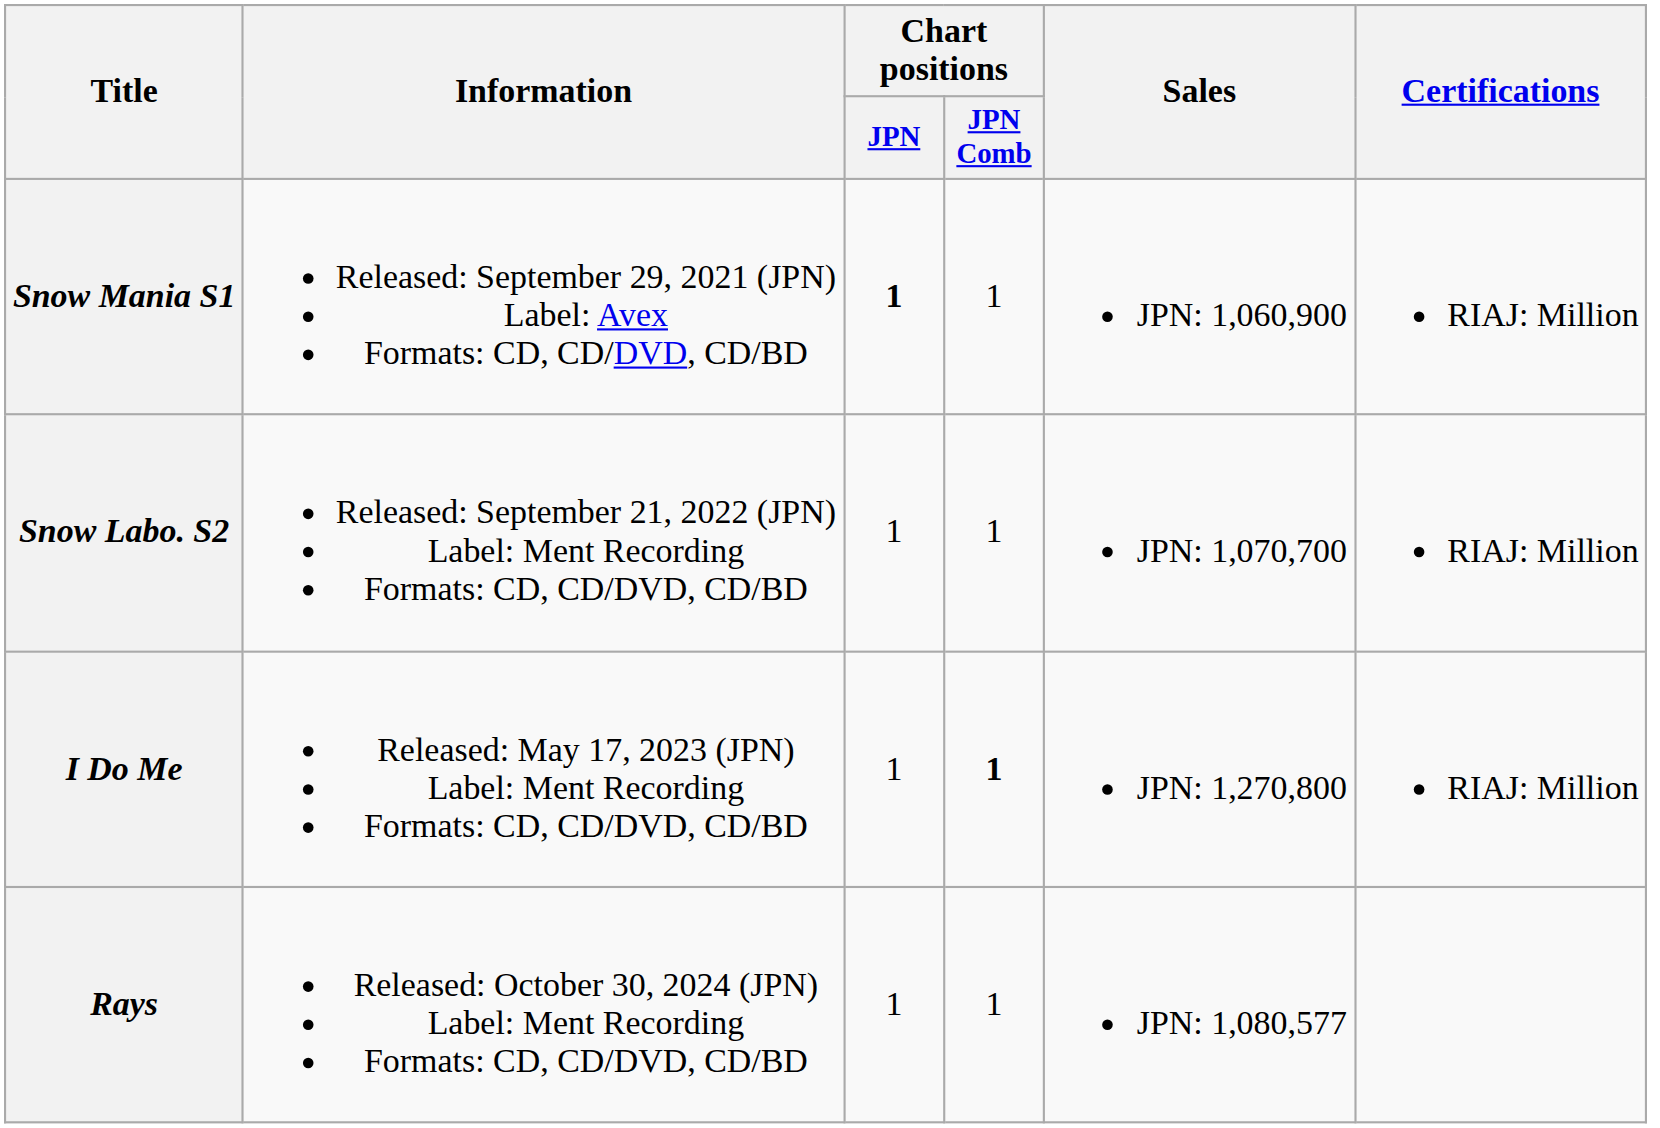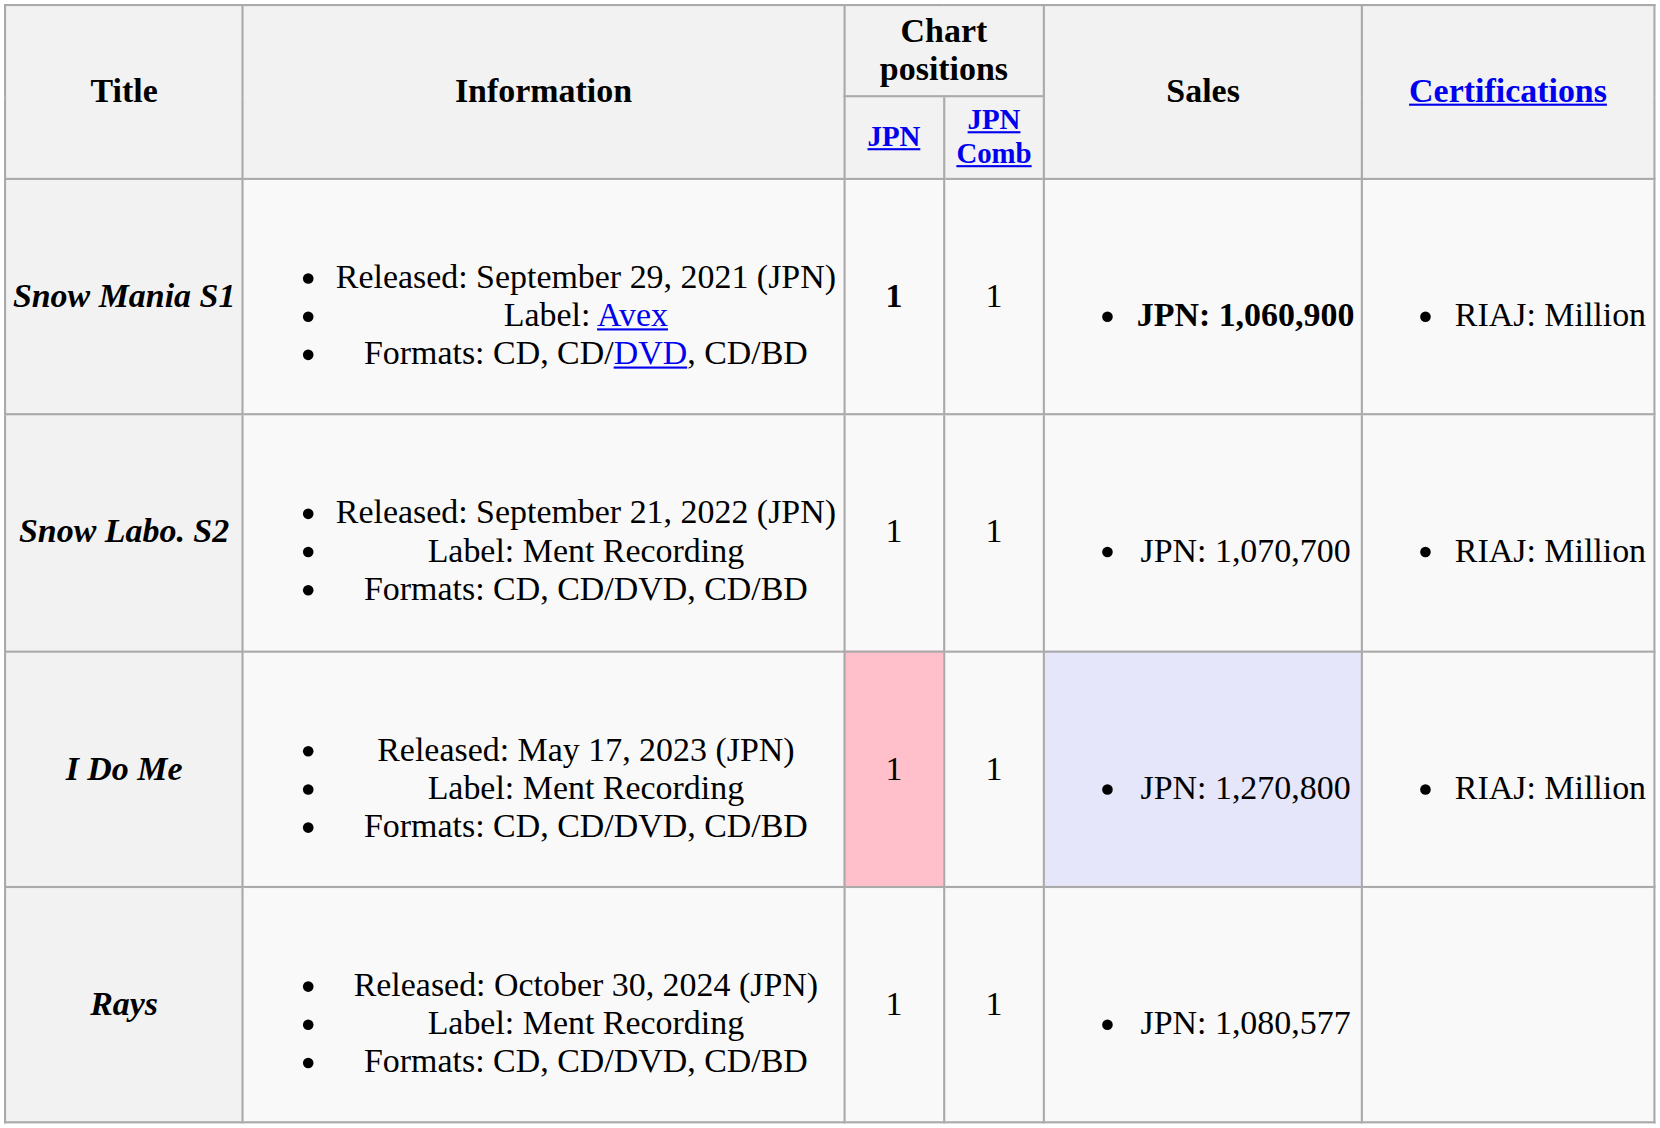 <table class="wikitable plainrowheaders" style="text-align:center;">
 <tr>
 <th scope="col" rowspan="2">Title</th>
 <th scope="col" rowspan="2">Information</th>
 <th scope="col" colspan="2">Chart positions</th>
 <th scope="col" rowspan="2">Sales</th>
 <th scope="col" rowspan="2"><a href='#'>Certifications</a></th>
 </tr>
 <tr>
 <th scope="col" style="width:3em;font-size:85%;"><a href='#'>JPN</a><br></th>
 <th scope="col" style="width:3em;font-size:85%;"><a href='#'>JPN<br>Comb</a><br></th>
 </tr>
 <tr>
 <th scope="row"><em>Snow Mania S1</em></th>
 <td><br><ul><li>Released: September 29, 2021 (JPN)</li><li>Label: <a href='#'>Avex</a></li><li>Formats: CD, CD/<a href='#'>DVD</a>, CD/BD</li></ul></td>
 <td><strong>1</strong></td>
 <td>1</td>
-<td><br><ul><li>JPN: 1,060,900</li></ul></td>
+<td><strong><br><ul><li>JPN: 1,060,900</li></ul></strong></td>
 <td><br><ul><li>RIAJ: Million</li></ul></td>
 </tr>
 <tr>
 <th scope="row"><em>Snow Labo. S2</em></th>
 <td><br><ul><li>Released: September 21, 2022 (JPN)</li><li>Label: Ment Recording</li><li>Formats: CD, CD/DVD, CD/BD</li></ul></td>
 <td>1</td>
 <td>1</td>
 <td><br><ul><li>JPN: 1,070,700</li></ul></td>
 <td><br><ul><li>RIAJ: Million</li></ul></td>
 </tr>
 <tr>
 <th scope="row"><em>I Do Me</em></th>
 <td><br><ul><li>Released: May 17, 2023 (JPN)</li><li>Label: Ment Recording</li><li>Formats: CD, CD/DVD, CD/BD</li></ul></td>
+<td style="background: pink;">1</td>
 <td>1</td>
-<td><strong>1</strong></td>
-<td><br><ul><li>JPN: 1,270,800</li></ul></td>
+<td style="background: lavender;"><br><ul><li>JPN: 1,270,800</li></ul></td>
 <td><br><ul><li>RIAJ: Million</li></ul></td>
 </tr>
 <tr>
 <th scope="row"><em>Rays</em></th>
 <td><br><ul><li>Released: October 30, 2024 (JPN)</li><li>Label: Ment Recording</li><li>Formats: CD, CD/DVD, CD/BD</li></ul></td>
 <td>1</td>
 <td>1</td>
 <td><br><ul><li>JPN: 1,080,577</li></ul></td>
 <td></td>
 </tr>
 </table>
